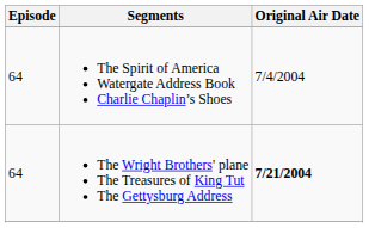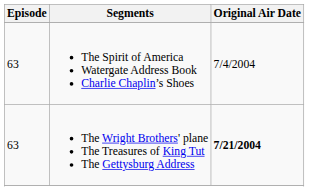 <table class="wikitable">
 <tr>
 <th>Episode</th>
 <th>Segments</th>
 <th>Original Air Date</th>
 </tr>
 <tr>
 </tr>
 <tr>
-<td>64</td>
+<td>63</td>
 <td><br><ul><li>The Spirit of America</li><li>Watergate Address Book</li><li><a href='#'>Charlie Chaplin</a>’s Shoes</li></ul></td>
 <td>7/4/2004</td>
 </tr>
 <tr>
-<td>64</td>
+<td>63</td>
 <td><br><ul><li>The <a href='#'>Wright Brothers</a>' plane</li><li>The Treasures of <a href='#'>King Tut</a></li><li>The <a href='#'>Gettysburg Address</a></li></ul></td>
 <td><strong>7/21/2004</strong></td>
 </tr>
 <tr>
 </tr>
 <tr>
 </tr>
 </table>
